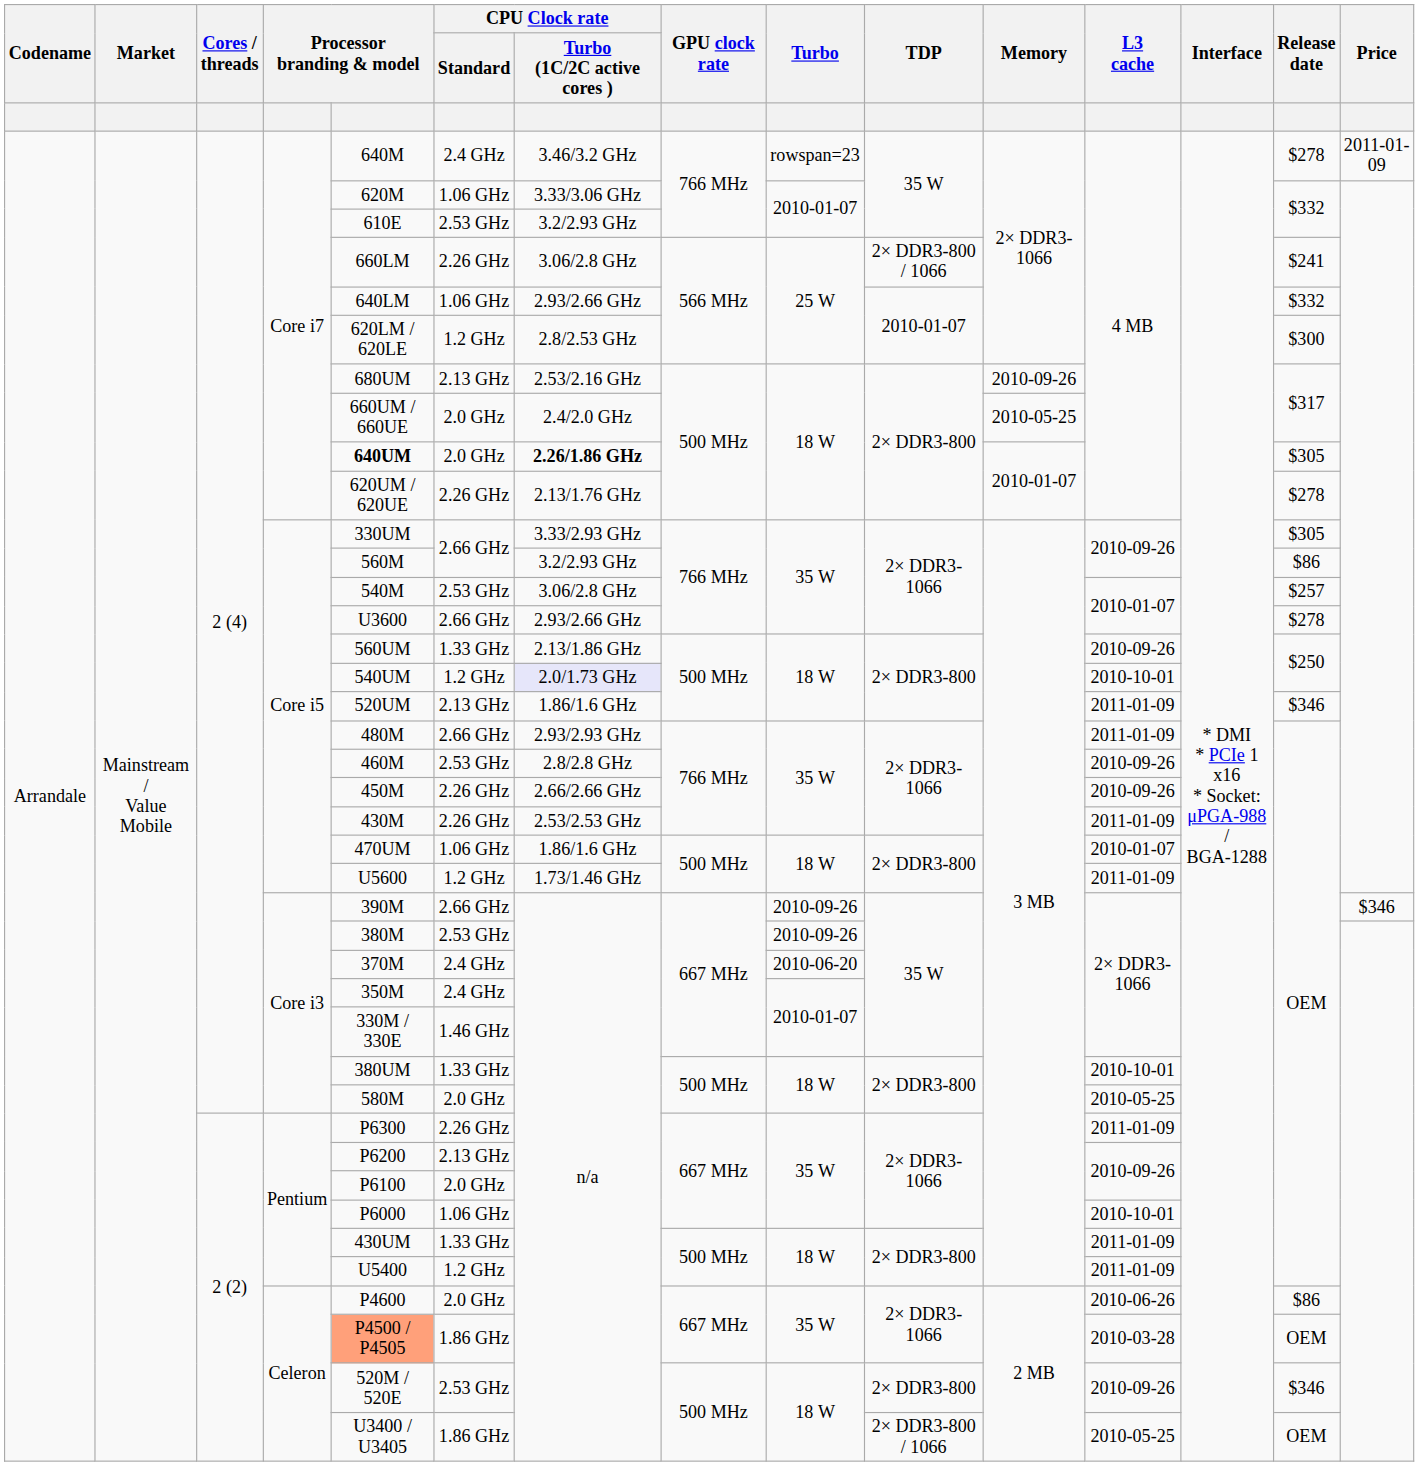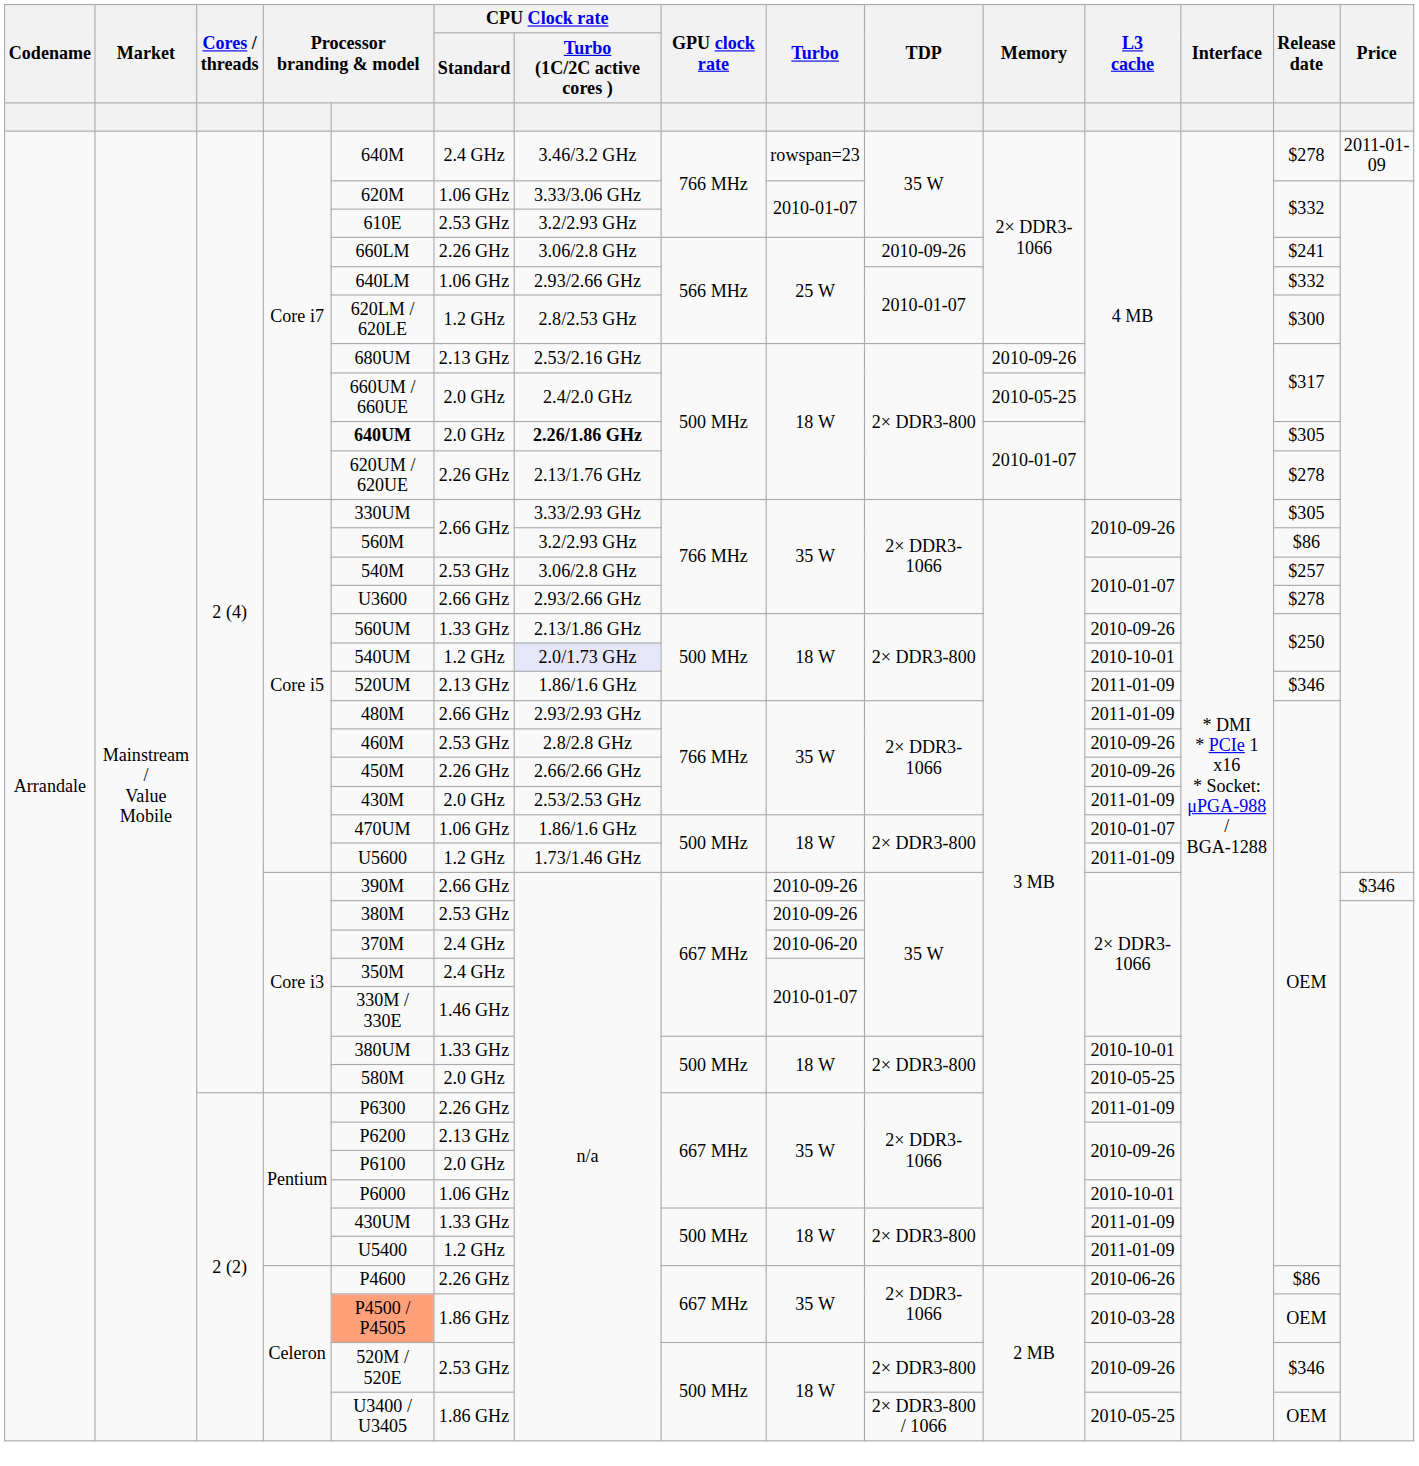 <table class="wikitable sortable hover-highlight"  style="text-align: center">
 <tr>
 <th rowspan=2>Codename</th>
 <th rowspan=2>Market</th>
 <th rowspan=2><a href='#'>Cores</a> /<br>threads</th>
 <th colspan=2 rowspan=2>Processor<br>branding & model</th>
 <th colspan=2>CPU <a href='#'>Clock rate</a></th>
 <th rowspan=2>GPU <a href='#'>clock rate</a></th>
 <th rowspan=2><a href='#'>Turbo</a></th>
 <th rowspan=2>TDP</th>
 <th rowspan=2>Memory</th>
 <th rowspan=2><a href='#'>L3<br>cache</a></th>
 <th rowspan=2>Interface</th>
 <th rowspan=2>Release<br>date</th>
 <th rowspan=2>Price</th>
 </tr>
 <tr>
 <th>Standard</th>
 <th><a href='#'>Turbo</a><br>(1C/2C active cores )</th>
 </tr>
 <tr>
 <th style="background-position:center"><br></th>
 <th style="background-position:center"></th>
 <th style="background-position:center"></th>
 <th style="background-position:center"></th>
 <th style="background-position:center"></th>
 <th style="background-position:center"></th>
 <th style="background-position:center"></th>
 <th style="background-position:center"></th>
 <th style="background-position:center"></th>
 <th style="background-position:center"></th>
 <th style="background-position:center"></th>
 <th style="background-position:center"></th>
 <th style="background-position:center"></th>
 <th style="background-position:center"></th>
 <th style="background-position:center"></th>
 </tr>
 <tr>
 <td rowspan="40">Arrandale</td>
 <td rowspan="40">Mainstream /<br>Value Mobile</td>
 <td rowspan="30">2 (4)</td>
 <td rowspan=10>Core i7</td>
 <td>640M</td>
 <td>2.4 GHz</td>
 <td>3.46/3.2 GHz</td>
 <td rowspan=3>766 MHz</td>
 <td>rowspan=23 </td>
 <td rowspan=3>35 W</td>
 <td rowspan=6>2× DDR3-1066</td>
 <td rowspan=10>4 MB</td>
 <td rowspan="40">* DMI<br>* <a href='#'>PCIe</a> 1 x16<br>* Socket:<br><a href='#'>μPGA-988</a> /<br>BGA-1288</td>
 <td>$278</td>
 <td>2011-01-09</td>
 </tr>
 <tr>
 <td>620M</td>
 <td>1.06 GHz</td>
 <td>3.33/3.06 GHz</td>
 <td rowspan=2>2010-01-07</td>
 <td rowspan=2>$332</td>
 </tr>
 <tr>
 <td>610E</td>
 <td>2.53 GHz</td>
 <td>3.2/2.93 GHz</td>
 </tr>
 <tr>
 <td>660LM</td>
 <td>2.26 GHz</td>
 <td>3.06/2.8 GHz</td>
 <td rowspan=3>566 MHz</td>
 <td rowspan=3>25 W</td>
-<td>2× DDR3-800 / 1066</td>
+<td>2010-09-26</td>
 <td>$241</td>
 </tr>
 <tr>
 <td>640LM</td>
 <td>1.06 GHz</td>
 <td>2.93/2.66 GHz</td>
 <td rowspan=2>2010-01-07</td>
 <td>$332</td>
 </tr>
 <tr>
 <td>620LM / 620LE</td>
 <td>1.2 GHz</td>
 <td>2.8/2.53 GHz</td>
 <td>$300</td>
 </tr>
 <tr>
 <td>680UM</td>
 <td>2.13 GHz</td>
 <td>2.53/2.16 GHz</td>
 <td rowspan=4>500 MHz</td>
 <td rowspan=4>18 W</td>
 <td rowspan=4>2× DDR3-800</td>
 <td>2010-09-26</td>
 <td rowspan=2>$317</td>
 </tr>
 <tr>
 <td>660UM / 660UE</td>
 <td>2.0 GHz</td>
 <td>2.4/2.0 GHz</td>
 <td>2010-05-25</td>
 </tr>
 <tr>
 <td><strong>640UM</strong></td>
 <td>2.0 GHz</td>
 <td><strong>2.26/1.86 GHz</strong></td>
 <td rowspan=2>2010-01-07</td>
 <td>$305</td>
 </tr>
 <tr>
 <td>620UM / 620UE</td>
 <td>2.26 GHz</td>
 <td>2.13/1.76 GHz</td>
 <td>$278</td>
 </tr>
 <tr>
 <td rowspan=13>Core i5</td>
 <td>330UM</td>
 <td rowspan=2>2.66 GHz</td>
 <td>3.33/2.93 GHz</td>
 <td rowspan=4>766 MHz</td>
 <td rowspan=4>35 W</td>
 <td rowspan=4>2× DDR3-1066</td>
 <td rowspan=26>3 MB</td>
 <td rowspan=2>2010-09-26</td>
 <td>$305</td>
 </tr>
 <tr>
 <td>560M</td>
 <td>3.2/2.93 GHz</td>
 <td>$86</td>
 </tr>
 <tr>
 <td>540M</td>
 <td>2.53 GHz</td>
 <td>3.06/2.8 GHz</td>
 <td rowspan=2>2010-01-07</td>
 <td>$257</td>
 </tr>
 <tr>
 <td>U3600</td>
 <td>2.66 GHz</td>
 <td>2.93/2.66 GHz</td>
 <td>$278</td>
 </tr>
 <tr>
 <td>560UM</td>
 <td>1.33 GHz</td>
 <td>2.13/1.86 GHz</td>
 <td rowspan=3>500 MHz</td>
 <td rowspan=3>18 W</td>
 <td rowspan=3>2× DDR3-800</td>
 <td>2010-09-26</td>
 <td rowspan=2>$250</td>
 </tr>
 <tr>
 <td>540UM</td>
 <td>1.2 GHz</td>
 <td style="background: lavender;">2.0/1.73 GHz</td>
 <td>2010-10-01</td>
 </tr>
 <tr>
 <td>520UM</td>
 <td>2.13 GHz</td>
 <td>1.86/1.6 GHz</td>
 <td>2011-01-09</td>
 <td>$346</td>
 </tr>
 <tr>
 <td>480M</td>
 <td>2.66 GHz</td>
 <td>2.93/2.93 GHz</td>
 <td rowspan=4>766 MHz</td>
 <td rowspan=4>35 W</td>
 <td rowspan=4>2× DDR3-1066</td>
 <td>2011-01-09</td>
 <td rowspan=19>OEM</td>
 </tr>
 <tr>
 <td>460M</td>
 <td>2.53 GHz</td>
 <td>2.8/2.8 GHz</td>
 <td>2010-09-26</td>
 </tr>
 <tr>
 <td>450M</td>
 <td>2.26 GHz</td>
 <td>2.66/2.66 GHz</td>
 <td>2010-09-26</td>
 </tr>
 <tr>
 <td>430M</td>
-<td>2.26 GHz</td>
+<td>2.0 GHz</td>
 <td>2.53/2.53 GHz</td>
 <td>2011-01-09</td>
 </tr>
 <tr>
 <td>470UM</td>
 <td>1.06 GHz</td>
 <td>1.86/1.6 GHz</td>
 <td rowspan=2>500 MHz</td>
 <td rowspan=2>18 W</td>
 <td rowspan=2>2× DDR3-800</td>
 <td>2010-01-07</td>
 </tr>
 <tr>
 <td>U5600</td>
 <td>1.2 GHz</td>
 <td>1.73/1.46 GHz</td>
 <td>2011-01-09</td>
 </tr>
 <tr>
 <td rowspan=7>Core i3</td>
 <td>390M</td>
 <td>2.66 GHz</td>
 <td rowspan=17>n/a</td>
 <td rowspan=5>667 MHz</td>
 <td>2010-09-26</td>
 <td rowspan=5>35 W</td>
 <td rowspan=5>2× DDR3-1066</td>
 <td>$346</td>
 </tr>
 <tr>
 <td>380M</td>
 <td>2.53 GHz</td>
 <td>2010-09-26</td>
 </tr>
 <tr>
 <td>370M</td>
 <td>2.4 GHz</td>
 <td>2010-06-20</td>
 </tr>
 <tr>
 <td>350M</td>
 <td>2.4 GHz</td>
 <td rowspan=2>2010-01-07</td>
 </tr>
 <tr>
 <td>330M / 330E</td>
 <td>1.46 GHz</td>
 </tr>
 <tr>
 <td>380UM</td>
 <td>1.33 GHz</td>
 <td rowspan=2>500 MHz</td>
 <td rowspan=2>18 W</td>
 <td rowspan=2>2× DDR3-800</td>
 <td>2010-10-01</td>
 </tr>
 <tr>
 <td>580M</td>
 <td>2.0 GHz</td>
 <td>2010-05-25</td>
 </tr>
 <tr>
 <td rowspan=10>2 (2)</td>
 <td rowspan=6>Pentium</td>
 <td>P6300</td>
 <td>2.26 GHz</td>
 <td rowspan=4>667 MHz</td>
 <td rowspan=4>35 W</td>
 <td rowspan=4>2× DDR3-1066</td>
 <td>2011-01-09</td>
 </tr>
 <tr>
 <td>P6200</td>
 <td>2.13 GHz</td>
 <td rowspan=2>2010-09-26</td>
 </tr>
 <tr>
 <td>P6100</td>
 <td>2.0 GHz</td>
 </tr>
 <tr>
 <td>P6000</td>
 <td>1.06 GHz</td>
 <td>2010-10-01</td>
 </tr>
 <tr>
 <td>430UM</td>
 <td>1.33 GHz</td>
 <td rowspan=2>500 MHz</td>
 <td rowspan=2>18 W</td>
 <td rowspan=2>2× DDR3-800</td>
 <td>2011-01-09</td>
 </tr>
 <tr>
 <td>U5400</td>
 <td>1.2 GHz</td>
 <td>2011-01-09</td>
 </tr>
 <tr>
 <td rowspan=4>Celeron</td>
 <td>P4600</td>
-<td>2.0 GHz</td>
+<td>2.26 GHz</td>
 <td rowspan=2>667 MHz</td>
 <td rowspan=2>35 W</td>
 <td rowspan=2>2× DDR3-1066</td>
 <td rowspan=4>2 MB</td>
 <td>2010-06-26</td>
 <td>$86</td>
 </tr>
 <tr>
 <td style="background: lightsalmon;">P4500 / P4505</td>
 <td>1.86 GHz</td>
 <td>2010-03-28</td>
 <td>OEM</td>
 </tr>
 <tr>
 <td>520M / 520E</td>
 <td>2.53 GHz</td>
 <td rowspan=2>500 MHz</td>
 <td rowspan=2>18 W</td>
 <td>2× DDR3-800</td>
 <td>2010-09-26</td>
 <td>$346</td>
 </tr>
 <tr>
 <td>U3400 / U3405</td>
 <td>1.86 GHz</td>
 <td>2× DDR3-800 / 1066</td>
 <td>2010-05-25</td>
 <td>OEM</td>
 </tr>
 </table>
